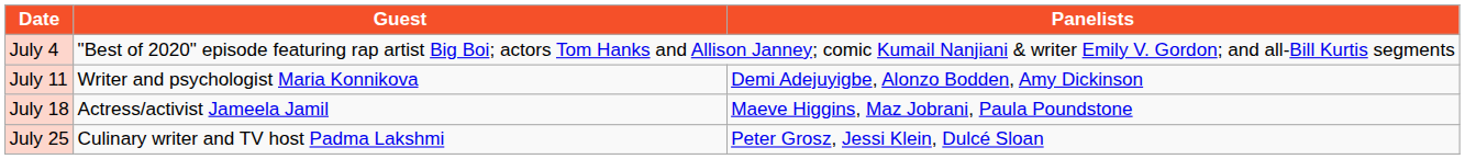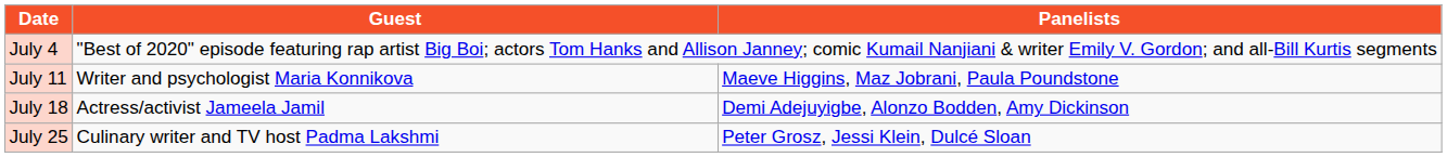 <table class="wikitable">
 <tr>
 <th style="background:#F55029;color:#FFFFFF;">Date</th>
 <th style="background:#F55029;color:#FFFFFF;">Guest</th>
 <th style="background:#F55029;color:#FFFFFF;">Panelists</th>
 </tr>
 <tr>
 <td style="background:#FDD6CC;color:#000000;">July 4</td>
 <td colspan=2>"Best of 2020" episode featuring rap artist <a href='#'>Big Boi</a>; actors <a href='#'>Tom Hanks</a> and <a href='#'>Allison Janney</a>; comic <a href='#'>Kumail Nanjiani</a> & writer <a href='#'>Emily V. Gordon</a>; and all-<a href='#'>Bill Kurtis</a> segments</td>
 </tr>
 <tr>
 <td style="background:#FDD6CC;color:#000000;">July 11</td>
 <td>Writer and psychologist <a href='#'>Maria Konnikova</a></td>
-<td><a href='#'>Demi Adejuyigbe</a>, <a href='#'>Alonzo Bodden</a>, <a href='#'>Amy Dickinson</a></td>
+<td><a href='#'>Maeve Higgins</a>, <a href='#'>Maz Jobrani</a>, <a href='#'>Paula Poundstone</a></td>
 </tr>
 <tr>
 <td style="background:#FDD6CC;color:#000000;">July 18</td>
 <td>Actress/activist <a href='#'>Jameela Jamil</a></td>
-<td><a href='#'>Maeve Higgins</a>, <a href='#'>Maz Jobrani</a>, <a href='#'>Paula Poundstone</a></td>
+<td><a href='#'>Demi Adejuyigbe</a>, <a href='#'>Alonzo Bodden</a>, <a href='#'>Amy Dickinson</a></td>
 </tr>
 <tr>
 <td style="background:#FDD6CC;color:#000000;">July 25</td>
 <td>Culinary writer and TV host <a href='#'>Padma Lakshmi</a></td>
 <td><a href='#'>Peter Grosz</a>, <a href='#'>Jessi Klein</a>, <a href='#'>Dulcé Sloan</a></td>
 </tr>
 </table>
